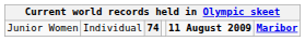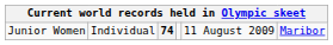 <table class="wikitable" style="font-size: 95%">
 <tr>
 <th colspan=7>Current world records held in <a href='#'>Olympic skeet</a></th>
 </tr>
 <tr>
 <td>Junior Women</td>
 <td>Individual</td>
 <th>74</th>
 <td></td>
-<td><strong>11 August 2009</strong></td>
-<td><strong><a href='#'>Maribor</a> </strong></td>
+<td>11 August 2009</td>
+<td><a href='#'>Maribor</a> </td>
 </tr>
 </table>
